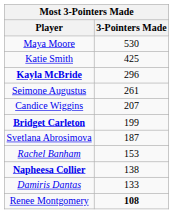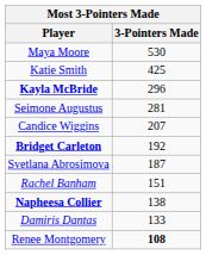 <table class="wikitable sortable" style="text-align:center">
 <tr>
 <th colspan="5">Most 3-Pointers Made</th>
 </tr>
 <tr>
 <th>Player</th>
 <th>3-Pointers Made</th>
 </tr>
 <tr>
 <td><a href='#'>Maya Moore</a></td>
 <td>530</td>
 </tr>
 <tr>
 <td><a href='#'>Katie Smith</a></td>
 <td>425</td>
 </tr>
 <tr>
 <td><strong><a href='#'>Kayla McBride</a></strong></td>
 <td>296</td>
 </tr>
 <tr>
 <td><a href='#'>Seimone Augustus</a></td>
-<td>261</td>
+<td>281</td>
 </tr>
 <tr>
 <td><a href='#'>Candice Wiggins</a></td>
 <td>207</td>
 </tr>
 <tr>
 <td><strong><a href='#'>Bridget Carleton</a></strong></td>
-<td>199</td>
+<td>192</td>
 </tr>
 <tr>
 <td><a href='#'>Svetlana Abrosimova</a></td>
 <td>187</td>
 </tr>
 <tr>
 <td><em><a href='#'>Rachel Banham</a></em></td>
-<td>153</td>
+<td>151</td>
 </tr>
 <tr>
 <td><strong><a href='#'>Napheesa Collier</a></strong></td>
 <td>138</td>
 </tr>
 <tr>
 <td><em><a href='#'>Damiris Dantas</a></em></td>
 <td>133</td>
 </tr>
 <tr>
 <td><a href='#'>Renee Montgomery</a></td>
 <td><strong>108</strong></td>
 </tr>
 </table>
